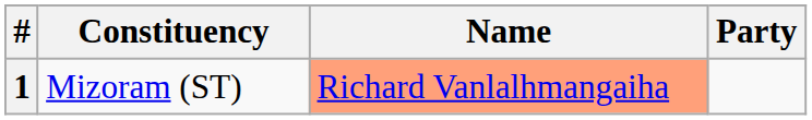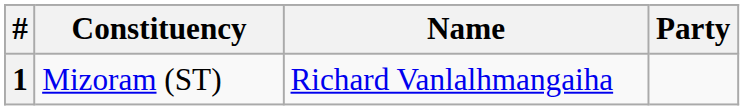 <table class="wikitable sortable">
 <tr>
 <th>#</th>
 <th style="width:120px">Constituency</th>
 <th style="width:180px">Name</th>
 <th colspan=2>Party</th>
 </tr>
 <tr>
 <th>1</th>
 <td><a href='#'>Mizoram</a> (ST)</td>
-<td style="background: lightsalmon;"><a href='#'>Richard Vanlalhmangaiha</a></td>
+<td><a href='#'>Richard Vanlalhmangaiha</a></td>
 <td></td>
 </tr>
 </table>
